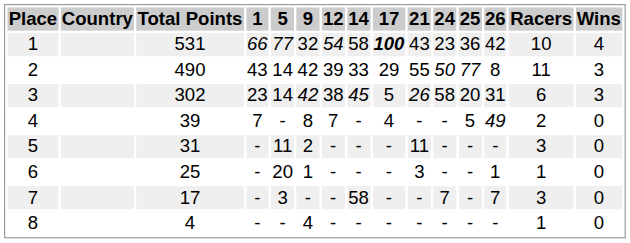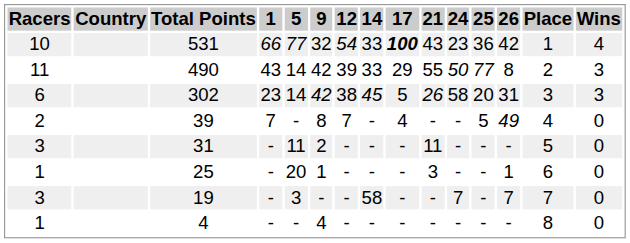 <table border="0" style="border: 1px solid #999; background-color:#FFFFFF; text-align:center">
 <tr align="center" bgcolor="#CCCCCC">
-<th>Place</th>
+<th>Racers</th>
 <th>Country</th>
 <th>Total Points</th>
 <th>1</th>
 <th>5</th>
 <th>9</th>
 <th>12</th>
 <th>14</th>
 <th>17</th>
 <th>21</th>
 <th>24</th>
 <th>25</th>
 <th>26</th>
-<th>Racers</th>
+<th>Place</th>
 <th>Wins</th>
 </tr>
 <tr bgcolor="#EFEFEF">
-<td>1</td>
+<td>10</td>
 <td align="left"></td>
 <td>531</td>
 <td><em>66</em></td>
 <td><em>77</em></td>
 <td>32</td>
 <td><em>54</em></td>
-<td>58</td>
+<td>33</td>
 <td><strong><em>100</em></strong></td>
 <td>43</td>
 <td>23</td>
 <td>36</td>
 <td>42</td>
-<td>10</td>
+<td>1</td>
 <td>4</td>
 </tr>
 <tr>
-<td>2</td>
+<td>11</td>
 <td align="left"></td>
 <td>490</td>
 <td>43</td>
 <td>14</td>
 <td>42</td>
 <td>39</td>
 <td>33</td>
 <td>29</td>
 <td>55</td>
 <td><em>50</em></td>
 <td><em>77</em></td>
 <td>8</td>
-<td>11</td>
+<td>2</td>
 <td>3</td>
 </tr>
 <tr bgcolor="#EFEFEF">
-<td>3</td>
+<td>6</td>
 <td align="left"></td>
 <td>302</td>
 <td>23</td>
 <td>14</td>
 <td><em>42</em></td>
 <td>38</td>
 <td><em>45</em></td>
 <td>5</td>
 <td><em>26</em></td>
 <td>58</td>
 <td>20</td>
 <td>31</td>
-<td>6</td>
+<td>3</td>
 <td>3</td>
 </tr>
 <tr>
-<td>4</td>
+<td>2</td>
 <td align="left"></td>
 <td>39</td>
 <td>7</td>
 <td>-</td>
 <td>8</td>
 <td>7</td>
 <td>-</td>
 <td>4</td>
 <td>-</td>
 <td>-</td>
 <td>5</td>
 <td><em>49</em></td>
-<td>2</td>
+<td>4</td>
 <td>0</td>
 </tr>
 <tr bgcolor="#EFEFEF">
-<td>5</td>
+<td>3</td>
 <td align="left"></td>
 <td>31</td>
 <td>-</td>
 <td>11</td>
 <td>2</td>
 <td>-</td>
 <td>-</td>
 <td>-</td>
 <td>11</td>
 <td>-</td>
 <td>-</td>
 <td>-</td>
-<td>3</td>
+<td>5</td>
 <td>0</td>
 </tr>
 <tr>
-<td>6</td>
+<td>1</td>
 <td align="left"></td>
 <td>25</td>
 <td>-</td>
 <td>20</td>
 <td>1</td>
 <td>-</td>
 <td>-</td>
 <td>-</td>
 <td>3</td>
 <td>-</td>
 <td>-</td>
 <td>1</td>
-<td>1</td>
+<td>6</td>
 <td>0</td>
 </tr>
 <tr bgcolor="#EFEFEF">
-<td>7</td>
+<td>3</td>
 <td align="left"></td>
-<td>17</td>
+<td>19</td>
 <td>-</td>
 <td>3</td>
 <td>-</td>
 <td>-</td>
 <td>58</td>
 <td>-</td>
 <td>-</td>
 <td>7</td>
 <td>-</td>
 <td>7</td>
-<td>3</td>
+<td>7</td>
 <td>0</td>
 </tr>
 <tr>
-<td>8</td>
+<td>1</td>
 <td align="left"></td>
 <td>4</td>
 <td>-</td>
 <td>-</td>
 <td>4</td>
 <td>-</td>
 <td>-</td>
 <td>-</td>
 <td>-</td>
 <td>-</td>
 <td>-</td>
 <td>-</td>
-<td>1</td>
+<td>8</td>
 <td>0</td>
 </tr>
 </table>
